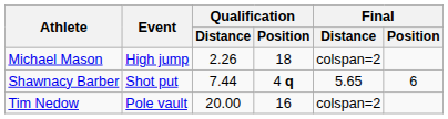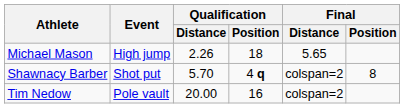 <table class=wikitable style=font-size:90%>
 <tr>
 <th rowspan=2>Athlete</th>
 <th rowspan=2>Event</th>
 <th colspan=2>Qualification</th>
 <th colspan=2>Final</th>
 </tr>
 <tr style=font-size:95%>
 <th>Distance</th>
 <th>Position</th>
 <th>Distance</th>
 <th>Position</th>
 </tr>
 <tr align=center>
 <td align=left><a href='#'>Michael Mason</a></td>
 <td align=left><a href='#'>High jump</a></td>
 <td>2.26</td>
 <td>18</td>
-<td>colspan=2 </td>
+<td>5.65</td>
 </tr>
 <tr align=center>
 <td align=left><a href='#'>Shawnacy Barber</a></td>
 <td align=left><a href='#'>Shot put</a></td>
-<td>7.44</td>
+<td>5.70</td>
 <td>4 <strong>q</strong></td>
-<td>5.65</td>
-<td>6</td>
+<td>colspan=2 </td>
+<td>8</td>
 </tr>
 <tr align=center>
 <td align=left><a href='#'>Tim Nedow</a></td>
 <td align=left><a href='#'>Pole vault</a></td>
 <td>20.00</td>
 <td>16</td>
 <td>colspan=2 </td>
 </tr>
 </table>
